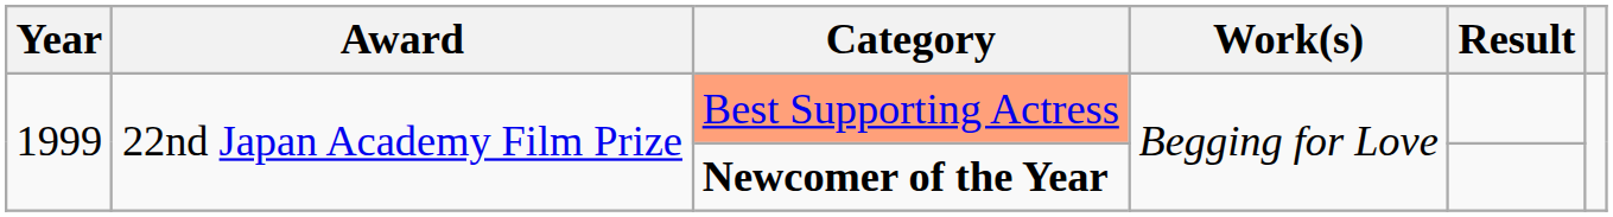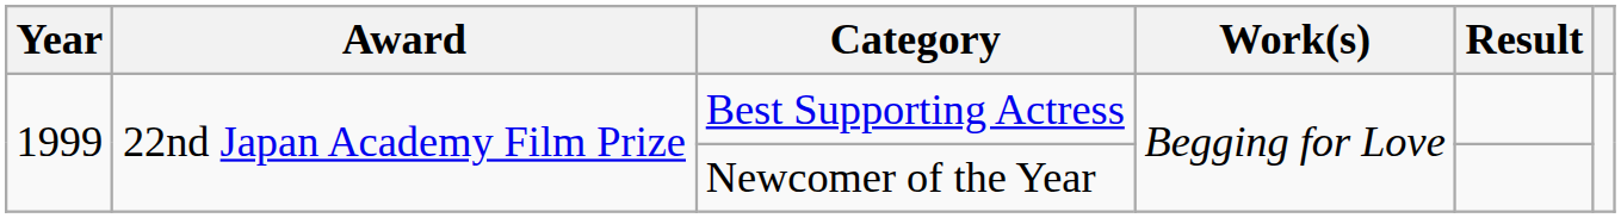 <table class="wikitable">
 <tr>
 <th>Year</th>
 <th>Award</th>
 <th>Category</th>
 <th>Work(s)</th>
 <th>Result</th>
 <th></th>
 </tr>
 <tr>
 <td rowspan=2>1999</td>
 <td rowspan=2>22nd <a href='#'>Japan Academy Film Prize</a></td>
-<td style="background: lightsalmon;"><a href='#'>Best Supporting Actress</a></td>
+<td><a href='#'>Best Supporting Actress</a></td>
 <td rowspan=2><em>Begging for Love</em></td>
 <td></td>
 <td rowspan=2></td>
 </tr>
 <tr>
-<td><strong>Newcomer of the Year</strong></td>
+<td>Newcomer of the Year</td>
 <td></td>
 </tr>
 </table>
